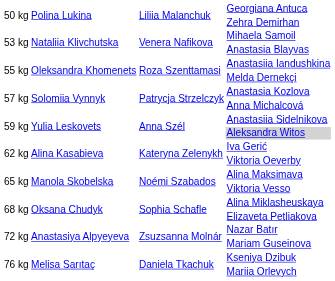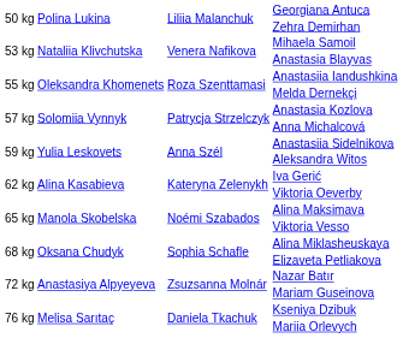 <table>
 <tr>
 <td rowspan=2>50 kg</td>
 <td rowspan=2> <a href='#'>Polina Lukina</a></td>
 <td rowspan=2> <a href='#'>Liliia Malanchuk</a></td>
 <td> <a href='#'>Georgiana Antuca</a></td>
 </tr>
 <tr>
 <td> <a href='#'>Zehra Demirhan</a></td>
 </tr>
 <tr>
 <td rowspan=2>53 kg</td>
 <td rowspan=2> <a href='#'>Nataliia Klivchutska</a></td>
 <td rowspan=2> <a href='#'>Venera Nafikova</a></td>
 <td> <a href='#'>Mihaela Samoil</a></td>
 </tr>
 <tr>
 <td> <a href='#'>Anastasia Blayvas</a></td>
 </tr>
 <tr>
 <td rowspan=2>55 kg</td>
 <td rowspan=2> <a href='#'>Oleksandra Khomenets</a></td>
 <td rowspan=2> <a href='#'>Roza Szenttamasi</a></td>
 <td> <a href='#'>Anastasiia Iandushkina</a></td>
 </tr>
 <tr>
 <td> <a href='#'>Melda Dernekçi</a></td>
 </tr>
 <tr>
 <td rowspan=2>57 kg</td>
 <td rowspan=2> <a href='#'>Solomiia Vynnyk</a></td>
 <td rowspan=2> <a href='#'>Patrycja Strzelczyk</a></td>
 <td> <a href='#'>Anastasia Kozlova</a></td>
 </tr>
 <tr>
 <td> <a href='#'>Anna Michalcová</a></td>
 </tr>
 <tr>
 <td rowspan=2>59 kg</td>
 <td rowspan=2> <a href='#'>Yulia Leskovets</a></td>
 <td rowspan=2> <a href='#'>Anna Szél</a></td>
 <td> <a href='#'>Anastasiia Sidelnikova</a></td>
 </tr>
 <tr>
-<td style="background: lightgrey;"> <a href='#'>Aleksandra Witos</a></td>
+<td> <a href='#'>Aleksandra Witos</a></td>
 </tr>
 <tr>
 <td rowspan=2>62 kg</td>
 <td rowspan=2> <a href='#'>Alina Kasabieva</a></td>
 <td rowspan=2> <a href='#'>Kateryna Zelenykh</a></td>
 <td> <a href='#'>Iva Gerić</a></td>
 </tr>
 <tr>
 <td> <a href='#'>Viktoria Oeverby</a></td>
 </tr>
 <tr>
 <td rowspan=2>65 kg</td>
 <td rowspan=2> <a href='#'>Manola Skobelska</a></td>
 <td rowspan=2> <a href='#'>Noémi Szabados</a></td>
 <td> <a href='#'>Alina Maksimava</a></td>
 </tr>
 <tr>
 <td> <a href='#'>Viktoria Vesso</a></td>
 </tr>
 <tr>
 <td rowspan=2>68 kg</td>
 <td rowspan=2> <a href='#'>Oksana Chudyk</a></td>
 <td rowspan=2> <a href='#'>Sophia Schafle</a></td>
 <td> <a href='#'>Alina Miklasheuskaya</a></td>
 </tr>
 <tr>
 <td> <a href='#'>Elizaveta Petliakova</a></td>
 </tr>
 <tr>
 <td rowspan=2>72 kg</td>
 <td rowspan=2> <a href='#'>Anastasiya Alpyeyeva</a></td>
 <td rowspan=2> <a href='#'>Zsuzsanna Molnár</a></td>
 <td> <a href='#'>Nazar Batır</a></td>
 </tr>
 <tr>
 <td> <a href='#'>Mariam Guseinova</a></td>
 </tr>
 <tr>
 <td rowspan=2>76 kg</td>
 <td rowspan=2> <a href='#'>Melisa Sarıtaç</a></td>
 <td rowspan=2> <a href='#'>Daniela Tkachuk</a></td>
 <td> <a href='#'>Kseniya Dzibuk</a></td>
 </tr>
 <tr>
 <td> <a href='#'>Mariia Orlevych</a></td>
 </tr>
 </table>
